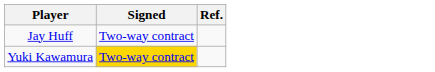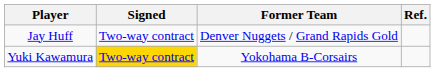 <table class="wikitable sortable sortable" style="text-align: center">
 <tr>
 <th>Player</th>
 <th>Signed</th>
+<th>Former Team</th>
 <th>Ref.</th>
 </tr>
 <tr>
 <td><a href='#'>Jay Huff</a></td>
 <td><a href='#'>Two-way contract</a></td>
+<td><a href='#'>Denver Nuggets</a> / <a href='#'>Grand Rapids Gold</a></td>
 <td></td>
 </tr>
 <tr>
 <td><a href='#'>Yuki Kawamura</a></td>
 <td style="background: gold;"><a href='#'>Two-way contract</a></td>
+<td> <a href='#'>Yokohama B-Corsairs</a></td>
 <td></td>
 </tr>
 </table>
